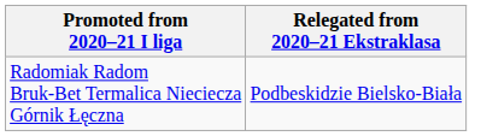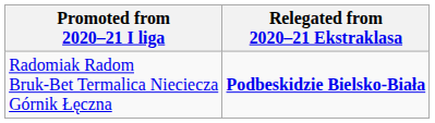 <table class="wikitable">
 <tr>
 <th>Promoted from<br><a href='#'>2020–21 I liga</a></th>
 <th>Relegated from<br><a href='#'>2020–21 Ekstraklasa</a></th>
 </tr>
 <tr>
 <td> <a href='#'>Radomiak Radom</a> <br> <a href='#'>Bruk-Bet Termalica Nieciecza</a> <br> <a href='#'>Górnik Łęczna</a> </td>
-<td> <a href='#'>Podbeskidzie Bielsko-Biała</a> </td>
+<td><strong> <a href='#'>Podbeskidzie Bielsko-Biała</a> </strong></td>
 </tr>
 </table>
